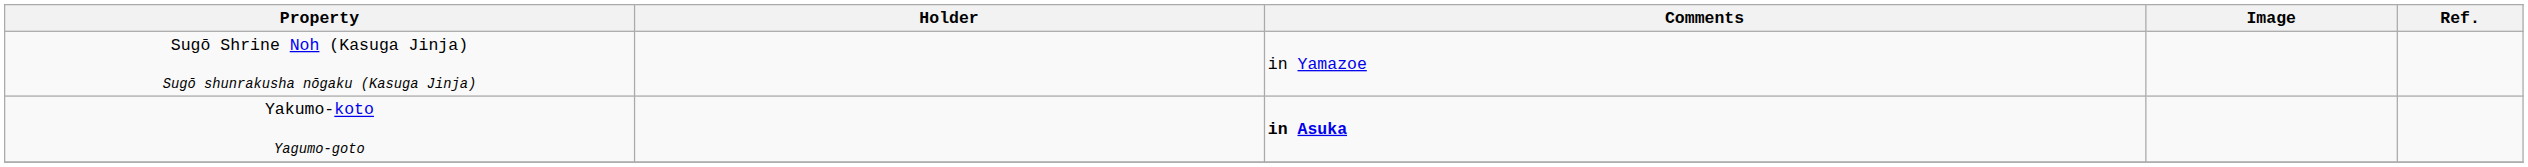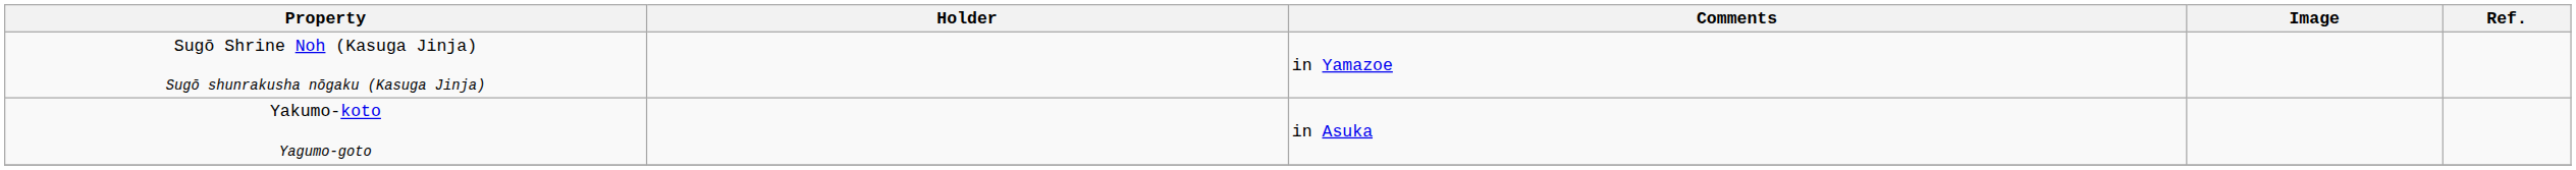 <table class="wikitable sortable"  style="width:100%;">
 <tr>
 <th width="25%" align="left">Property</th>
 <th width="25%" align="left">Holder</th>
 <th width="35%" align="left" class="unsortable">Comments</th>
 <th width="10%" align="left" class="unsortable">Image</th>
 <th width="5%" align="left" class="unsortable">Ref.</th>
 </tr>
 <tr>
 <td align="center">Sugō Shrine <a href='#'>Noh</a> (Kasuga Jinja)<br><br><small><em>Sugō shunrakusha nōgaku (Kasuga Jinja)</em></small></td>
 <td></td>
 <td>in <a href='#'>Yamazoe</a></td>
 <td></td>
 <td></td>
 </tr>
 <tr>
 <td align="center">Yakumo-<a href='#'>koto</a><br><br><small><em>Yagumo-goto</em></small></td>
 <td></td>
-<td><strong>in <a href='#'>Asuka</a></strong></td>
+<td>in <a href='#'>Asuka</a></td>
 <td></td>
 <td></td>
 </tr>
 <tr>
 </tr>
 </table>
